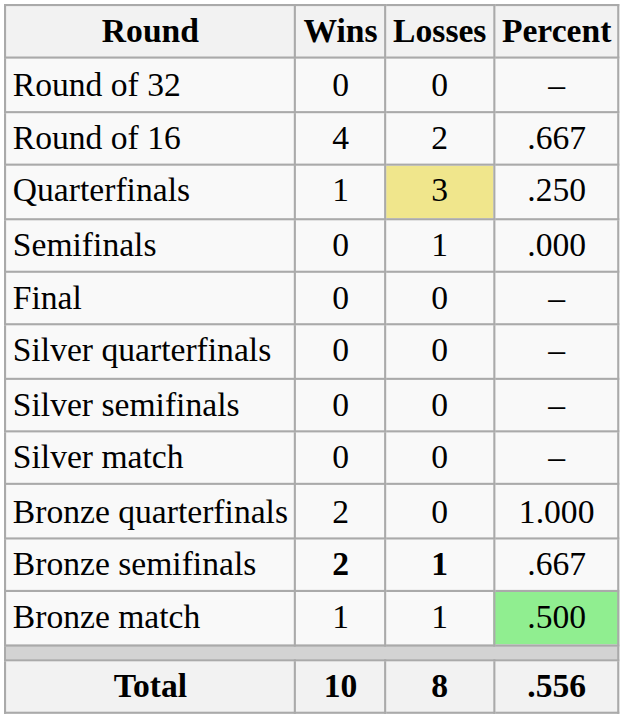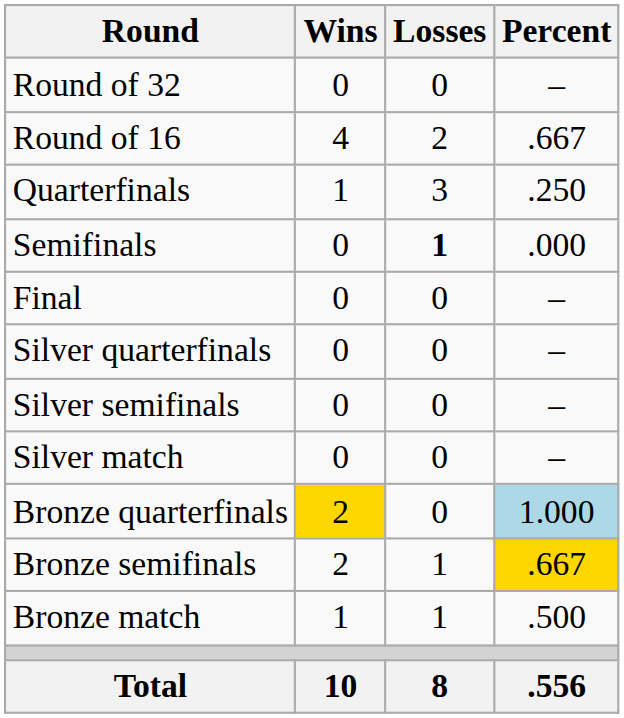 <table class=wikitable>
 <tr>
 <th>Round</th>
 <th>Wins</th>
 <th>Losses</th>
 <th>Percent</th>
 </tr>
 <tr align=center>
 <td align=left>Round of 32</td>
 <td>0</td>
 <td>0</td>
 <td>–</td>
 </tr>
 <tr align=center>
 <td align=left>Round of 16</td>
 <td>4</td>
 <td>2</td>
 <td>.667</td>
 </tr>
 <tr align=center>
 <td align=left>Quarterfinals</td>
 <td>1</td>
-<td style="background: khaki;">3</td>
+<td>3</td>
 <td>.250</td>
 </tr>
 <tr align=center>
 <td align=left>Semifinals</td>
 <td>0</td>
-<td>1</td>
+<td><strong>1</strong></td>
 <td>.000</td>
 </tr>
 <tr align=center>
 <td align=left>Final</td>
 <td>0</td>
 <td>0</td>
 <td>–</td>
 </tr>
 <tr align=center>
 <td align=left>Silver quarterfinals</td>
 <td>0</td>
 <td>0</td>
 <td>–</td>
 </tr>
 <tr align=center>
 <td align=left>Silver semifinals</td>
 <td>0</td>
 <td>0</td>
 <td>–</td>
 </tr>
 <tr align=center>
 <td align=left>Silver match</td>
 <td>0</td>
 <td>0</td>
 <td>–</td>
 </tr>
 <tr align=center>
 <td align=left>Bronze quarterfinals</td>
-<td>2</td>
+<td style="background: gold;">2</td>
 <td>0</td>
-<td>1.000</td>
+<td style="background: lightblue;">1.000</td>
 </tr>
 <tr align=center>
 <td align=left>Bronze semifinals</td>
-<td><strong>2</strong></td>
-<td><strong>1</strong></td>
-<td>.667</td>
+<td>2</td>
+<td>1</td>
+<td style="background: gold;">.667</td>
 </tr>
 <tr align=center>
 <td align=left>Bronze match</td>
 <td>1</td>
 <td>1</td>
-<td style="background: lightgreen;">.500</td>
+<td>.500</td>
 </tr>
 <tr>
 <td colspan=4 bgcolor=lightgray></td>
 </tr>
 <tr>
 <th>Total</th>
 <th>10</th>
 <th>8</th>
 <th>.556</th>
 </tr>
 </table>
